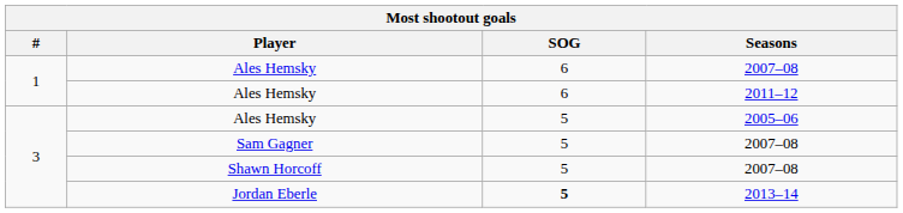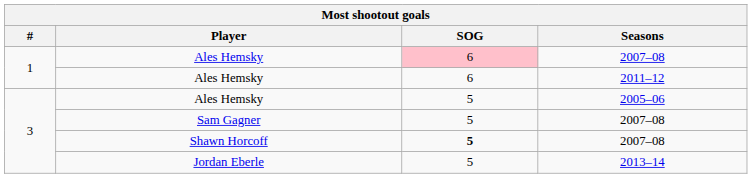 <table class="wikitable" style="text-align: center; font-size: 95%" width="70%">
 <tr>
 <th colspan="4">Most shootout goals</th>
 </tr>
 <tr>
 <th>#</th>
 <th>Player</th>
 <th>SOG</th>
 <th>Seasons</th>
 </tr>
 <tr>
 <td rowspan="2">1</td>
 <td><a href='#'>Ales Hemsky</a></td>
-<td>6</td>
+<td style="background: pink;">6</td>
 <td><a href='#'>2007–08</a></td>
 </tr>
 <tr>
 <td>Ales Hemsky</td>
 <td>6</td>
 <td><a href='#'>2011–12</a></td>
 </tr>
 <tr>
 <td rowspan="4">3</td>
 <td>Ales Hemsky</td>
 <td>5</td>
 <td><a href='#'>2005–06</a></td>
 </tr>
 <tr>
 <td><a href='#'>Sam Gagner</a></td>
 <td>5</td>
 <td>2007–08</td>
 </tr>
 <tr>
 <td><a href='#'>Shawn Horcoff</a></td>
-<td>5</td>
+<td><strong>5</strong></td>
 <td>2007–08</td>
 </tr>
 <tr>
 <td><a href='#'>Jordan Eberle</a></td>
-<td><strong>5</strong></td>
+<td>5</td>
 <td><a href='#'>2013–14</a></td>
 </tr>
 </table>
